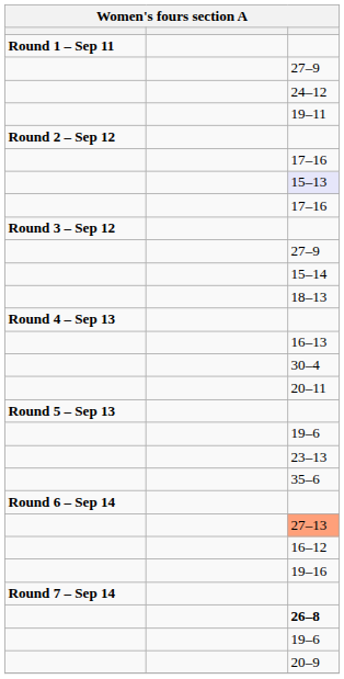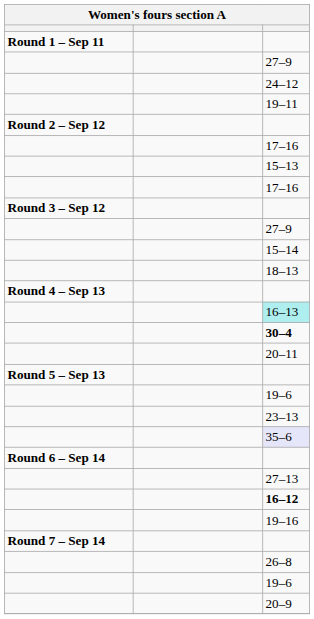 <table class="wikitable">
 <tr>
 <th colspan="3">Women's fours section A</th>
 </tr>
 <tr>
 <th width=150></th>
 <th width=150></th>
 <th width=50></th>
 </tr>
 <tr>
 <td><strong>Round 1 – Sep 11</strong></td>
 <td></td>
 <td></td>
 </tr>
 <tr>
 <td></td>
 <td></td>
 <td>27–9</td>
 </tr>
 <tr>
 <td></td>
 <td></td>
 <td>24–12</td>
 </tr>
 <tr>
 <td></td>
 <td></td>
 <td>19–11</td>
 </tr>
 <tr>
 <td><strong>Round 2 – Sep 12</strong></td>
 <td></td>
 <td></td>
 </tr>
 <tr>
 <td></td>
 <td></td>
 <td>17–16</td>
 </tr>
 <tr>
 <td></td>
 <td></td>
-<td style="background: lavender;">15–13</td>
+<td>15–13</td>
 </tr>
 <tr>
 <td></td>
 <td></td>
 <td>17–16</td>
 </tr>
 <tr>
 <td><strong>Round 3 – Sep 12</strong></td>
 <td></td>
 <td></td>
 </tr>
 <tr>
 <td></td>
 <td></td>
 <td>27–9</td>
 </tr>
 <tr>
 <td></td>
 <td></td>
 <td>15–14</td>
 </tr>
 <tr>
 <td></td>
 <td></td>
 <td>18–13</td>
 </tr>
 <tr>
 <td><strong>Round 4 – Sep 13</strong></td>
 <td></td>
 <td></td>
 </tr>
 <tr>
 <td></td>
 <td></td>
-<td>16–13</td>
+<td style="background: paleturquoise;">16–13</td>
 </tr>
 <tr>
 <td></td>
 <td></td>
-<td>30–4</td>
+<td><strong>30–4</strong></td>
 </tr>
 <tr>
 <td></td>
 <td></td>
 <td>20–11</td>
 </tr>
 <tr>
 <td><strong>Round 5 – Sep 13</strong></td>
 <td></td>
 <td></td>
 </tr>
 <tr>
 <td></td>
 <td></td>
 <td>19–6</td>
 </tr>
 <tr>
 <td></td>
 <td></td>
 <td>23–13</td>
 </tr>
 <tr>
 <td></td>
 <td></td>
-<td>35–6</td>
+<td style="background: lavender;">35–6</td>
 </tr>
 <tr>
 <td><strong>Round 6  – Sep 14</strong></td>
 <td></td>
 <td></td>
 </tr>
 <tr>
 <td></td>
 <td></td>
-<td style="background: lightsalmon;">27–13</td>
+<td>27–13</td>
 </tr>
 <tr>
 <td></td>
 <td></td>
-<td>16–12</td>
+<td><strong>16–12</strong></td>
 </tr>
 <tr>
 <td></td>
 <td></td>
 <td>19–16</td>
 </tr>
 <tr>
 <td><strong>Round 7 – Sep 14</strong></td>
 <td></td>
 <td></td>
 </tr>
 <tr>
 <td></td>
 <td></td>
-<td><strong>26–8</strong></td>
+<td>26–8</td>
 </tr>
 <tr>
 <td></td>
 <td></td>
 <td>19–6</td>
 </tr>
 <tr>
 <td></td>
 <td></td>
 <td>20–9</td>
 </tr>
 <tr>
 </tr>
 </table>
